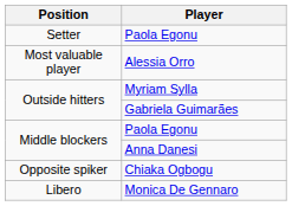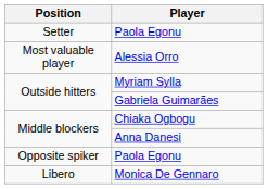 <table class="wikitable">
 <tr>
 <th width="140">Position</th>
 <th width="200">Player</th>
 </tr>
 <tr>
 <td style="text-align:center">Setter</td>
 <td> <a href='#'>Paola Egonu</a></td>
 </tr>
 <tr>
 <td style="text-align:center">Most valuable player</td>
 <td> <a href='#'>Alessia Orro</a></td>
 </tr>
 <tr>
 <td rowspan="2" style="text-align:center">Outside hitters</td>
 <td> <a href='#'>Myriam Sylla</a></td>
 </tr>
 <tr>
 <td> <a href='#'>Gabriela Guimarães</a></td>
 </tr>
 <tr>
 <td rowspan="2" style="text-align:center">Middle blockers</td>
-<td> <a href='#'>Paola Egonu</a></td>
+<td> <a href='#'>Chiaka Ogbogu</a></td>
 </tr>
 <tr>
 <td> <a href='#'>Anna Danesi</a></td>
 </tr>
 <tr>
 <td style="text-align:center">Opposite spiker</td>
-<td> <a href='#'>Chiaka Ogbogu</a></td>
+<td> <a href='#'>Paola Egonu</a></td>
 </tr>
 <tr>
 <td style="text-align:center">Libero</td>
 <td> <a href='#'>Monica De Gennaro</a></td>
 </tr>
 </table>
